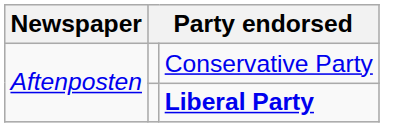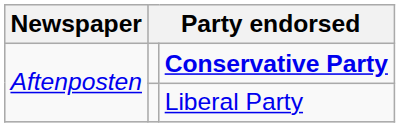 <table class="wikitable">
 <tr>
 <th>Newspaper</th>
 <th colspan=2>Party endorsed</th>
 </tr>
 <tr>
 <td rowspan="2"><em><a href='#'>Aftenposten</a></em></td>
 <td bgcolor=></td>
-<td><a href='#'>Conservative Party</a></td>
+<td><strong><a href='#'>Conservative Party</a></strong></td>
 </tr>
 <tr>
 <td bgcolor=></td>
-<td><strong><a href='#'>Liberal Party</a></strong></td>
+<td><a href='#'>Liberal Party</a></td>
 </tr>
 </table>
